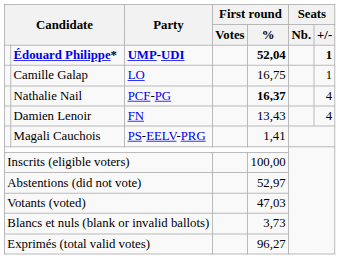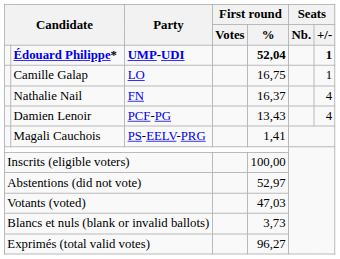 <table class="wikitable centre">
 <tr>
 <th scope="col" rowspan=2 colspan=2>Candidate</th>
 <th scope="col" rowspan=2 colspan=1>Party</th>
 <th scope="col" colspan=2>First round</th>
 <th scope="col" colspan=2>Seats</th>
 </tr>
 <tr>
 <th scope="col">Votes</th>
 <th scope="col">%</th>
 <th scope="col">Nb.</th>
 <th scope="col">+/-</th>
 </tr>
 <tr>
 <td style="color:inherit;background:"></td>
 <td><strong><a href='#'>Édouard Philippe</a>*</strong></td>
 <td><strong><a href='#'>UMP</a>-<a href='#'>UDI</a></strong></td>
 <td style="text-align: right"><strong></strong></td>
 <td style="text-align: right"><strong>52,04</strong></td>
 <td style="text-align: right"><strong></strong></td>
 <td style="text-align: right"><strong> 1</strong></td>
 </tr>
 <tr>
 <td style="color:inherit;background:"></td>
 <td>Camille Galap</td>
 <td><a href='#'>LO</a></td>
 <td style="text-align: right"></td>
 <td style="text-align: right">16,75</td>
 <td style="text-align: right"></td>
 <td style="text-align: right"> 1</td>
 </tr>
 <tr>
 <td style="color:inherit;background:"></td>
 <td>Nathalie Nail</td>
-<td><a href='#'>PCF</a>-<a href='#'>PG</a></td>
+<td><a href='#'>FN</a></td>
 <td style="text-align: right"></td>
-<td style="text-align: right"><strong>16,37</strong></td>
+<td style="text-align: right">16,37</td>
 <td style="text-align: right"></td>
 <td style="text-align: right"> 4</td>
 </tr>
 <tr>
 <td style="color:inherit;background:"></td>
 <td>Damien Lenoir</td>
-<td><a href='#'>FN</a></td>
+<td><a href='#'>PCF</a>-<a href='#'>PG</a></td>
 <td style="text-align: right"></td>
 <td style="text-align: right">13,43</td>
 <td style="text-align: right"></td>
 <td style="text-align: right"> 4</td>
 </tr>
 <tr>
 <td style="color:inherit;background:"></td>
 <td>Magali Cauchois</td>
 <td><a href='#'>PS</a>-<a href='#'>EELV</a>-<a href='#'>PRG</a></td>
 <td style="text-align: right"></td>
 <td style="text-align: right">1,41</td>
 <td colspan=7 rowspan=1></td>
 </tr>
 <tr bgcolor=white>
 <td colspan=5></td>
 </tr>
 <tr>
 <td colspan=3>Inscrits (eligible voters)</td>
 <td style="text-align: right"></td>
 <td style="text-align: right">100,00</td>
 </tr>
 <tr>
 <td colspan=3>Abstentions (did not vote)</td>
 <td style="text-align: right"></td>
 <td style="text-align: right">52,97</td>
 </tr>
 <tr>
 <td colspan=3>Votants (voted)</td>
 <td style="text-align: right"></td>
 <td style="text-align: right">47,03</td>
 </tr>
 <tr>
 <td colspan=3>Blancs et nuls (blank or invalid ballots)</td>
 <td style="text-align: right"></td>
 <td style="text-align: right">3,73</td>
 </tr>
 <tr>
 <td colspan=3>Exprimés (total valid votes)</td>
 <td style="text-align: right"></td>
 <td style="text-align: right">96,27</td>
 </tr>
 </table>
